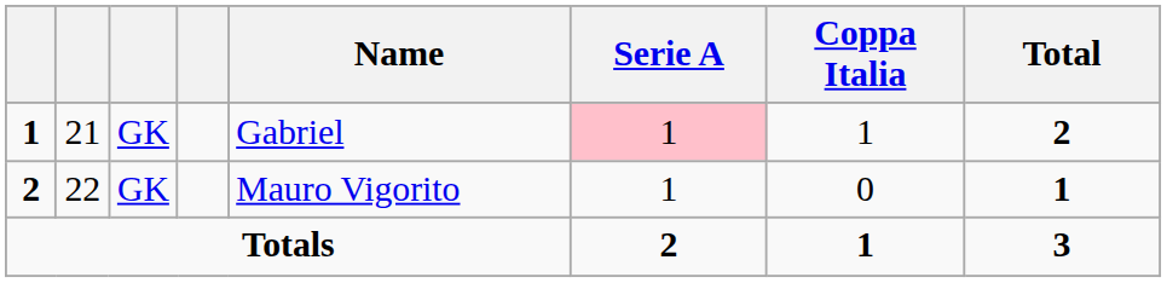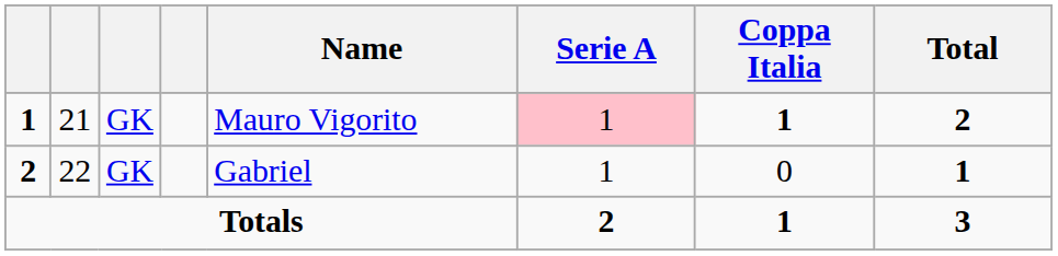 <table class="wikitable" style="text-align:center">
 <tr>
 <th width=15></th>
 <th width=15></th>
 <th width=15></th>
 <th width=15></th>
 <th width=145>Name</th>
 <th width=80><strong><a href='#'>Serie A</a></strong></th>
 <th width=80><strong><a href='#'>Coppa Italia</a></strong></th>
 <th width=80>Total</th>
 </tr>
 <tr>
 <td><strong>1</strong></td>
 <td>21</td>
 <td><a href='#'>GK</a></td>
 <td></td>
-<td align=left><a href='#'>Gabriel</a></td>
+<td align=left><a href='#'>Mauro Vigorito</a></td>
 <td style="background: pink;">1</td>
-<td>1</td>
+<td><strong>1</strong></td>
 <td><strong>2</strong></td>
 </tr>
 <tr>
 <td><strong>2</strong></td>
 <td>22</td>
 <td><a href='#'>GK</a></td>
 <td></td>
-<td align=left><a href='#'>Mauro Vigorito</a></td>
+<td align=left><a href='#'>Gabriel</a></td>
 <td>1</td>
 <td>0</td>
 <td><strong>1</strong></td>
 </tr>
 <tr>
 <td colspan=5><strong>Totals</strong></td>
 <td><strong>2</strong></td>
 <td><strong>1</strong></td>
 <td><strong>3</strong></td>
 </tr>
 </table>
